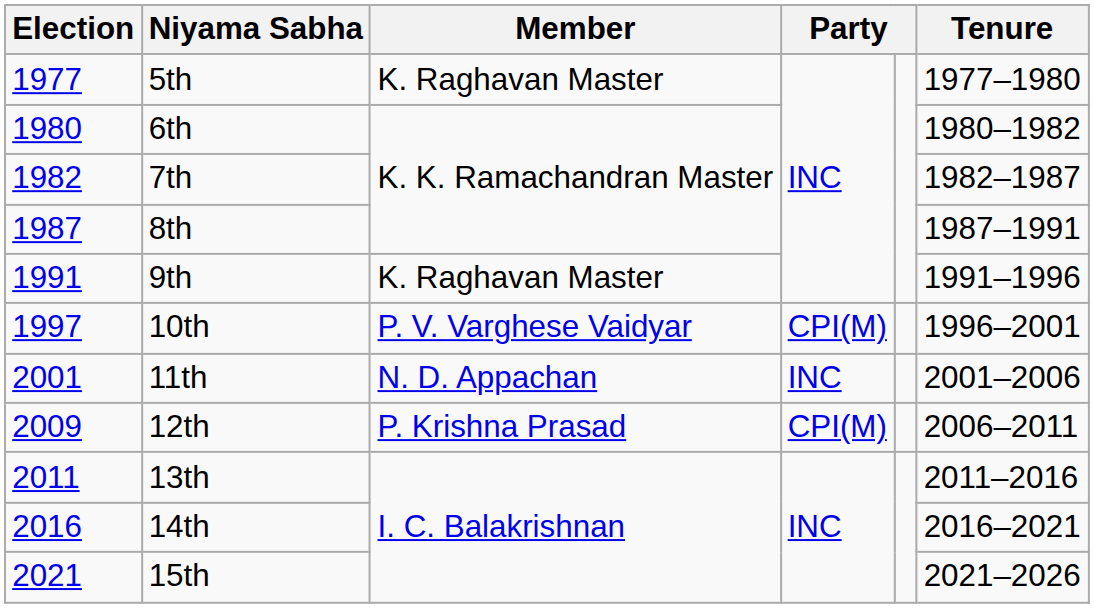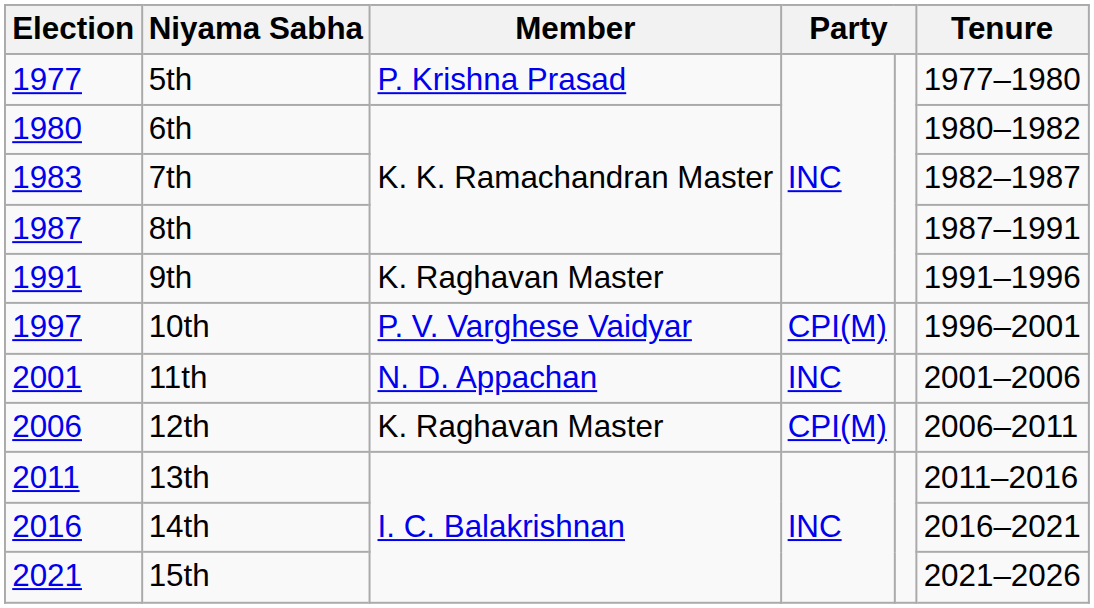 <table class="wikitable sortable">
 <tr>
 <th scope=col>Election</th>
 <th scope=col>Niyama Sabha</th>
 <th scope=col>Member</th>
 <th scope=col colspan="2">Party</th>
 <th scope=col>Tenure</th>
 </tr>
 <tr>
 <td><a href='#'>1977</a></td>
 <td>5th</td>
-<td>K. Raghavan Master</td>
+<td><a href='#'>P. Krishna Prasad</a></td>
 <td rowspan="5"><a href='#'>INC</a></td>
 <td rowspan="5" width="4px" style="background-color: "></td>
 <td>1977–1980</td>
 </tr>
 <tr>
 <td><a href='#'>1980</a></td>
 <td>6th</td>
 <td rowspan="3">K. K. Ramachandran Master</td>
 <td>1980–1982</td>
 </tr>
 <tr>
-<td><a href='#'>1982</a></td>
+<td><a href='#'>1983</a></td>
 <td>7th</td>
 <td>1982–1987</td>
 </tr>
 <tr>
 <td><a href='#'>1987</a></td>
 <td>8th</td>
 <td>1987–1991</td>
 </tr>
 <tr>
 <td><a href='#'>1991</a></td>
 <td>9th</td>
 <td>K. Raghavan Master</td>
 <td>1991–1996</td>
 </tr>
 <tr>
 <td><a href='#'>1997</a></td>
 <td>10th</td>
 <td><a href='#'>P. V. Varghese Vaidyar</a></td>
 <td><a href='#'>CPI(M)</a></td>
 <td width="4px" style="background-color: "></td>
 <td>1996–2001</td>
 </tr>
 <tr>
 <td><a href='#'>2001</a></td>
 <td>11th</td>
 <td><a href='#'>N. D. Appachan</a></td>
 <td><a href='#'>INC</a></td>
 <td width="4px" style="background-color: "></td>
 <td>2001–2006</td>
 </tr>
 <tr>
-<td><a href='#'>2009</a></td>
+<td><a href='#'>2006</a></td>
 <td>12th</td>
-<td><a href='#'>P. Krishna Prasad</a></td>
+<td>K. Raghavan Master</td>
 <td><a href='#'>CPI(M)</a></td>
 <td width="4px" style="background-color: "></td>
 <td>2006–2011</td>
 </tr>
 <tr>
 <td><a href='#'>2011</a></td>
 <td>13th</td>
 <td rowspan="3"><a href='#'>I. C. Balakrishnan</a></td>
 <td rowspan="3"><a href='#'>INC</a></td>
 <td rowspan="3" width="4px" style="background-color: "></td>
 <td>2011–2016</td>
 </tr>
 <tr>
 <td><a href='#'>2016</a></td>
 <td>14th</td>
 <td>2016–2021</td>
 </tr>
 <tr>
 <td><a href='#'>2021</a></td>
 <td>15th</td>
 <td>2021–2026</td>
 </tr>
 </table>
